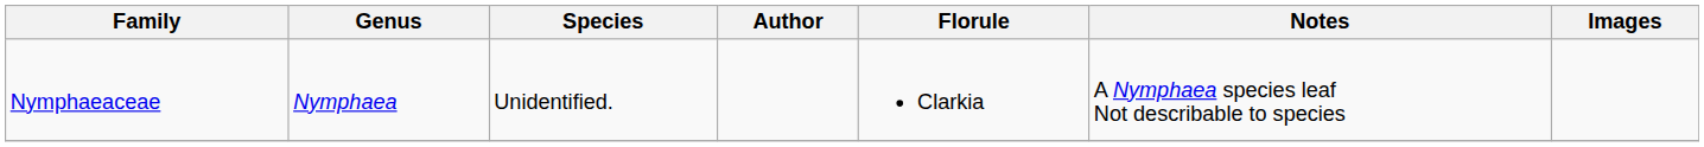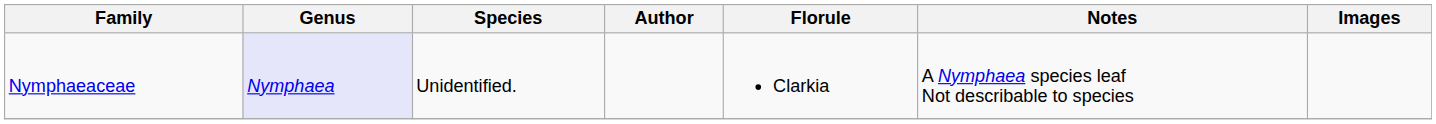 <table class="wikitable sortable mw-collapsible" style="margin:auto; width:100%">
 <tr>
 <th>Family</th>
 <th>Genus</th>
 <th>Species</th>
 <th>Author</th>
 <th>Florule</th>
 <th>Notes</th>
 <th>Images</th>
 </tr>
 <tr>
 <td><br><a href='#'>Nymphaeaceae</a></td>
-<td><br><em><a href='#'>Nymphaea</a></em></td>
+<td style="background: lavender;"><br><em><a href='#'>Nymphaea</a></em></td>
 <td><br>Unidentified.</td>
 <td></td>
 <td><br><ul><li>Clarkia</li></ul></td>
 <td><br>A <em><a href='#'>Nymphaea</a></em> species leaf<br>Not describable to species</td>
 <td></td>
 </tr>
 <tr>
 </tr>
 </table>
